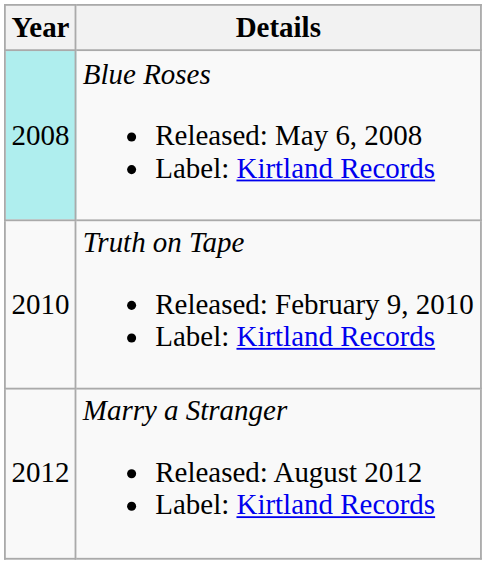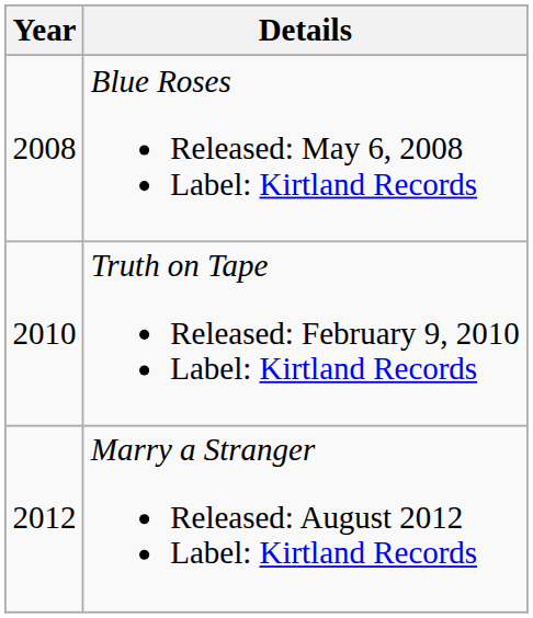 <table class="wikitable">
 <tr>
 <th>Year</th>
 <th>Details</th>
 </tr>
 <tr>
-<td style="background: paleturquoise;">2008</td>
+<td>2008</td>
 <td><em>Blue Roses</em><br><ul><li>Released: May 6, 2008</li><li>Label: <a href='#'>Kirtland Records</a></li></ul></td>
 </tr>
 <tr>
 <td>2010</td>
 <td><em>Truth on Tape</em><br><ul><li>Released: February 9, 2010</li><li>Label: <a href='#'>Kirtland Records</a></li></ul></td>
 </tr>
 <tr>
 <td>2012</td>
 <td><em>Marry a Stranger</em><br><ul><li>Released: August 2012</li><li>Label: <a href='#'>Kirtland Records</a></li></ul></td>
 </tr>
 </table>
